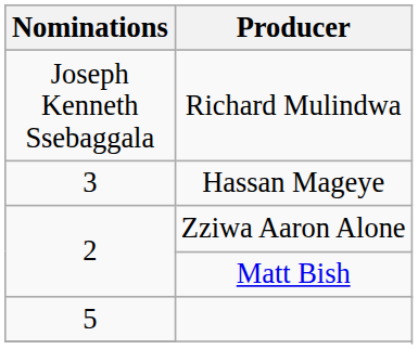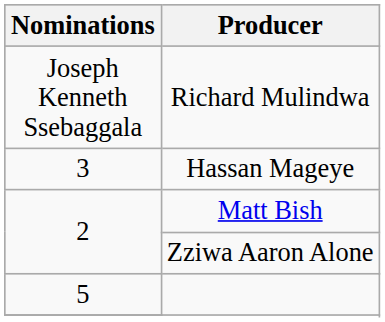 <table class="wikitable" style="text-align:center;">
 <tr>
 <th scope="col" width="55">Nominations</th>
 <th scope="col" align="center">Producer</th>
 </tr>
 <tr>
 <td>Joseph Kenneth Ssebaggala</td>
 <td>Richard Mulindwa </td>
 </tr>
 <tr>
 <td rowspan="1" style="text-align:center;">3</td>
 <td>Hassan Mageye</td>
 </tr>
 <tr>
 <td rowspan="3" style="text-align:center;">2</td>
-<td>Zziwa Aaron Alone</td>
+<td><a href='#'>Matt Bish</a></td>
 </tr>
 <tr>
-<td><a href='#'>Matt Bish</a></td>
+<td>Zziwa Aaron Alone</td>
 </tr>
 <tr>
 </tr>
 <tr>
 <td rowspan="1" style="text-align:center;">5</td>
 </tr>
 <tr>
 </tr>
 </table>
